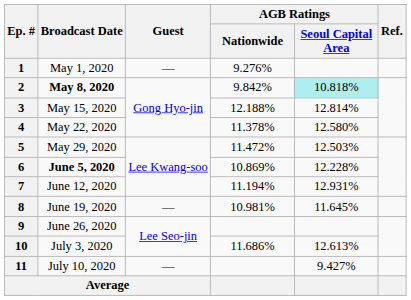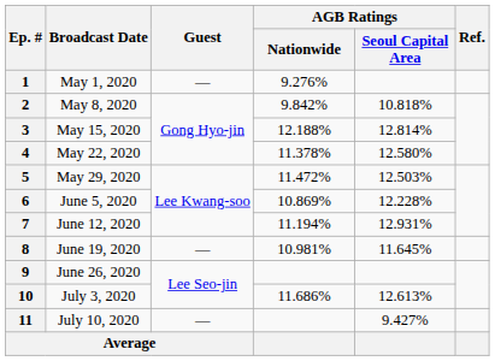 <table class="wikitable" style="text-align:center;">
 <tr>
 <th rowspan=2>Ep. #</th>
 <th rowspan="2">Broadcast Date</th>
 <th class="unsortable" rowspan=2>Guest</th>
 <th colspan=2>AGB Ratings</th>
 <th rowspan="2">Ref.</th>
 </tr>
 <tr>
 <th width=100>Nationwide</th>
 <th width=100><a href='#'>Seoul Capital Area</a></th>
 </tr>
 <tr>
 <th>1</th>
 <td>May 1, 2020</td>
 <td>—</td>
 <td>9.276%</td>
 <td></td>
 <td></td>
 </tr>
 <tr>
 <th>2</th>
-<td><strong>May 8, 2020</strong></td>
+<td>May 8, 2020</td>
 <td rowspan=3><a href='#'>Gong Hyo-jin</a></td>
 <td>9.842%</td>
-<td style="background: paleturquoise;">10.818%</td>
+<td>10.818%</td>
 <td rowspan=3></td>
 </tr>
 <tr>
 <th>3</th>
 <td>May 15, 2020</td>
 <td>12.188%</td>
 <td>12.814%</td>
 </tr>
 <tr>
 <th>4</th>
 <td>May 22, 2020</td>
 <td>11.378%</td>
 <td>12.580%</td>
 </tr>
 <tr>
 <th>5</th>
 <td>May 29, 2020</td>
 <td rowspan=3><a href='#'>Lee Kwang-soo</a></td>
 <td>11.472%</td>
 <td>12.503%</td>
 <td rowspan=3></td>
 </tr>
 <tr>
 <th>6</th>
-<td><strong>June 5, 2020</strong></td>
+<td>June 5, 2020</td>
 <td>10.869%</td>
 <td>12.228%</td>
 </tr>
 <tr>
 <th>7</th>
 <td>June 12, 2020</td>
 <td>11.194%</td>
 <td>12.931%</td>
 </tr>
 <tr>
 <th>8</th>
 <td>June 19, 2020</td>
 <td>—</td>
 <td>10.981%</td>
 <td>11.645%</td>
 <td></td>
 </tr>
 <tr>
 <th>9</th>
 <td>June 26, 2020</td>
 <td rowspan=2><a href='#'>Lee Seo-jin</a></td>
 <td></td>
 <td></td>
 <td rowspan=2></td>
 </tr>
 <tr>
 <th>10</th>
 <td>July 3, 2020</td>
 <td>11.686%</td>
 <td>12.613%</td>
 </tr>
 <tr>
 <th>11</th>
 <td>July 10, 2020</td>
 <td>—</td>
 <td></td>
 <td>9.427%</td>
 <td></td>
 </tr>
 <tr>
 <th colspan="3">Average</th>
 <th></th>
 <th></th>
 <th></th>
 </tr>
 </table>
